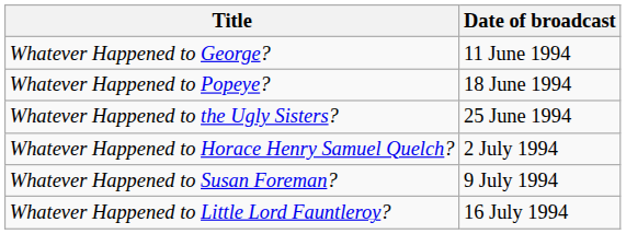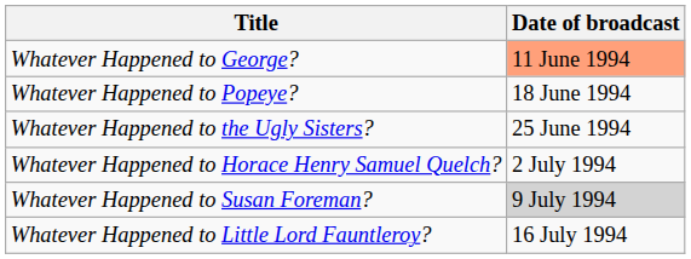 <table class="wikitable">
 <tr>
 <th>Title</th>
 <th>Date of broadcast</th>
 </tr>
 <tr>
 <td><em>Whatever Happened to <a href='#'>George</a>?</em></td>
-<td>11 June 1994</td>
+<td style="background: lightsalmon;">11 June 1994</td>
 </tr>
 <tr>
 <td><em>Whatever Happened to <a href='#'>Popeye</a>?</em></td>
 <td>18 June 1994</td>
 </tr>
 <tr>
 <td><em>Whatever Happened to <a href='#'>the Ugly Sisters</a>?</em></td>
 <td>25 June 1994</td>
 </tr>
 <tr>
 <td><em>Whatever Happened to <a href='#'>Horace Henry Samuel Quelch</a>?</em></td>
 <td>2 July 1994</td>
 </tr>
 <tr>
 <td><em>Whatever Happened to <a href='#'>Susan Foreman</a>?</em></td>
-<td>9 July 1994</td>
+<td style="background: lightgrey;">9 July 1994</td>
 </tr>
 <tr>
 <td><em>Whatever Happened to <a href='#'>Little Lord Fauntleroy</a>?</em></td>
 <td>16 July 1994</td>
 </tr>
 </table>
